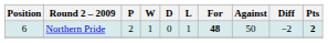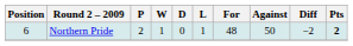 <table class="wikitable" style="text-align:center; font-size:85%;">
 <tr>
 <th width=40 abbr="Position">Position</th>
 <th width=100>Round 2 – 2009</th>
 <th width=20 abbr="Played">P</th>
 <th width=20 abbr="Won">W</th>
 <th width=20 abbr="Drawn">D</th>
 <th width=20 abbr="Lost">L</th>
 <th width=40 abbr="Points for">For</th>
 <th width=40 abbr="Points against">Against</th>
 <th width=40 abbr="Points difference">Diff</th>
 <th width=20 abbr="Points">Pts</th>
 </tr>
 <tr style="background: #d7ebed;">
 <td>6</td>
 <td style="text-align:left;"> <a href='#'>Northern Pride</a></td>
 <td>2</td>
 <td>1</td>
 <td>0</td>
 <td>1</td>
-<td><strong>48</strong></td>
+<td>48</td>
 <td>50</td>
 <td>−2</td>
 <td><strong>2</strong></td>
 </tr>
 <tr>
 </tr>
 </table>
